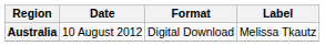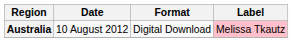 <table class="wikitable plainrowheaders">
 <tr>
 <th scope="col">Region</th>
 <th scope="col">Date</th>
 <th scope="col">Format</th>
 <th scope="col">Label</th>
 </tr>
 <tr>
 <th scope="row">Australia</th>
 <td>10 August 2012</td>
 <td>Digital Download</td>
-<td>Melissa Tkautz</td>
+<td style="background: pink;">Melissa Tkautz</td>
 </tr>
 <tr>
 </tr>
 </table>
